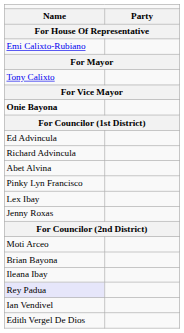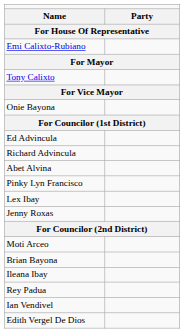 <table class="wikitable" style="font-size:90%">
 <tr>
 <td colspan="4" style="color:inherit;background:"></td>
 </tr>
 <tr>
 <th width="150px">Name</th>
 <th colspan="2" width="110px">Party</th>
 </tr>
 <tr>
 <th colspan="3">For House Of Representative</th>
 </tr>
 <tr>
 <td><a href='#'>Emi Calixto-Rubiano</a></td>
 <td></td>
 </tr>
 <tr>
 <th colspan="3">For Mayor</th>
 </tr>
 <tr>
 <td><a href='#'>Tony Calixto</a></td>
 <td></td>
 </tr>
 <tr>
 <th colspan="3">For Vice Mayor</th>
 </tr>
 <tr>
-<td><strong>Onie Bayona</strong></td>
+<td>Onie Bayona</td>
 <td></td>
 </tr>
 <tr>
 <th colspan="3">For Councilor (1st District)</th>
 </tr>
 <tr>
 <td>Ed Advincula</td>
 <td></td>
 </tr>
 <tr>
 <td>Richard Advincula</td>
 <td></td>
 </tr>
 <tr>
 <td>Abet Alvina</td>
 <td></td>
 </tr>
 <tr>
 <td>Pinky Lyn Francisco</td>
 <td></td>
 </tr>
 <tr>
 <td>Lex Ibay</td>
 <td></td>
 </tr>
 <tr>
 <td>Jenny Roxas</td>
 <td></td>
 </tr>
 <tr>
 <th colspan="3">For Councilor (2nd District)</th>
 </tr>
 <tr>
 <td>Moti Arceo</td>
 <td></td>
 </tr>
 <tr>
 <td>Brian Bayona</td>
 <td></td>
 </tr>
 <tr>
 <td>Ileana Ibay</td>
 <td></td>
 </tr>
 <tr>
-<td style="background: lavender;">Rey Padua</td>
+<td>Rey Padua</td>
 <td></td>
 </tr>
 <tr>
 <td>Ian Vendivel</td>
 <td></td>
 </tr>
 <tr>
 <td>Edith Vergel De Dios</td>
 <td></td>
 </tr>
 </table>
